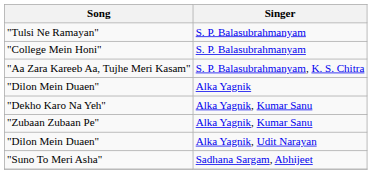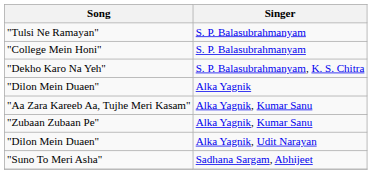 <table class="wikitable" style="font-size:90%;">
 <tr>
 <th>Song</th>
 <th>Singer</th>
 </tr>
 <tr>
 <td>"Tulsi Ne Ramayan"</td>
 <td><a href='#'>S. P. Balasubrahmanyam</a></td>
 </tr>
 <tr>
 <td>"College Mein Honi"</td>
 <td><a href='#'>S. P. Balasubrahmanyam</a></td>
 </tr>
 <tr>
-<td>"Aa Zara Kareeb Aa, Tujhe Meri Kasam"</td>
+<td>"Dekho Karo Na Yeh"</td>
 <td><a href='#'>S. P. Balasubrahmanyam</a>, <a href='#'>K. S. Chitra</a></td>
 </tr>
 <tr>
 <td>"Dilon Mein Duaen"</td>
 <td><a href='#'>Alka Yagnik</a></td>
 </tr>
 <tr>
-<td>"Dekho Karo Na Yeh"</td>
+<td>"Aa Zara Kareeb Aa, Tujhe Meri Kasam"</td>
 <td><a href='#'>Alka Yagnik</a>, <a href='#'>Kumar Sanu</a></td>
 </tr>
 <tr>
 <td>"Zubaan Zubaan Pe"</td>
 <td><a href='#'>Alka Yagnik</a>, <a href='#'>Kumar Sanu</a></td>
 </tr>
 <tr>
 <td>"Dilon Mein Duaen"</td>
 <td><a href='#'>Alka Yagnik</a>, <a href='#'>Udit Narayan</a></td>
 </tr>
 <tr>
 <td>"Suno To Meri Asha"</td>
 <td><a href='#'>Sadhana Sargam</a>, <a href='#'>Abhijeet</a></td>
 </tr>
 <tr>
 </tr>
 </table>
